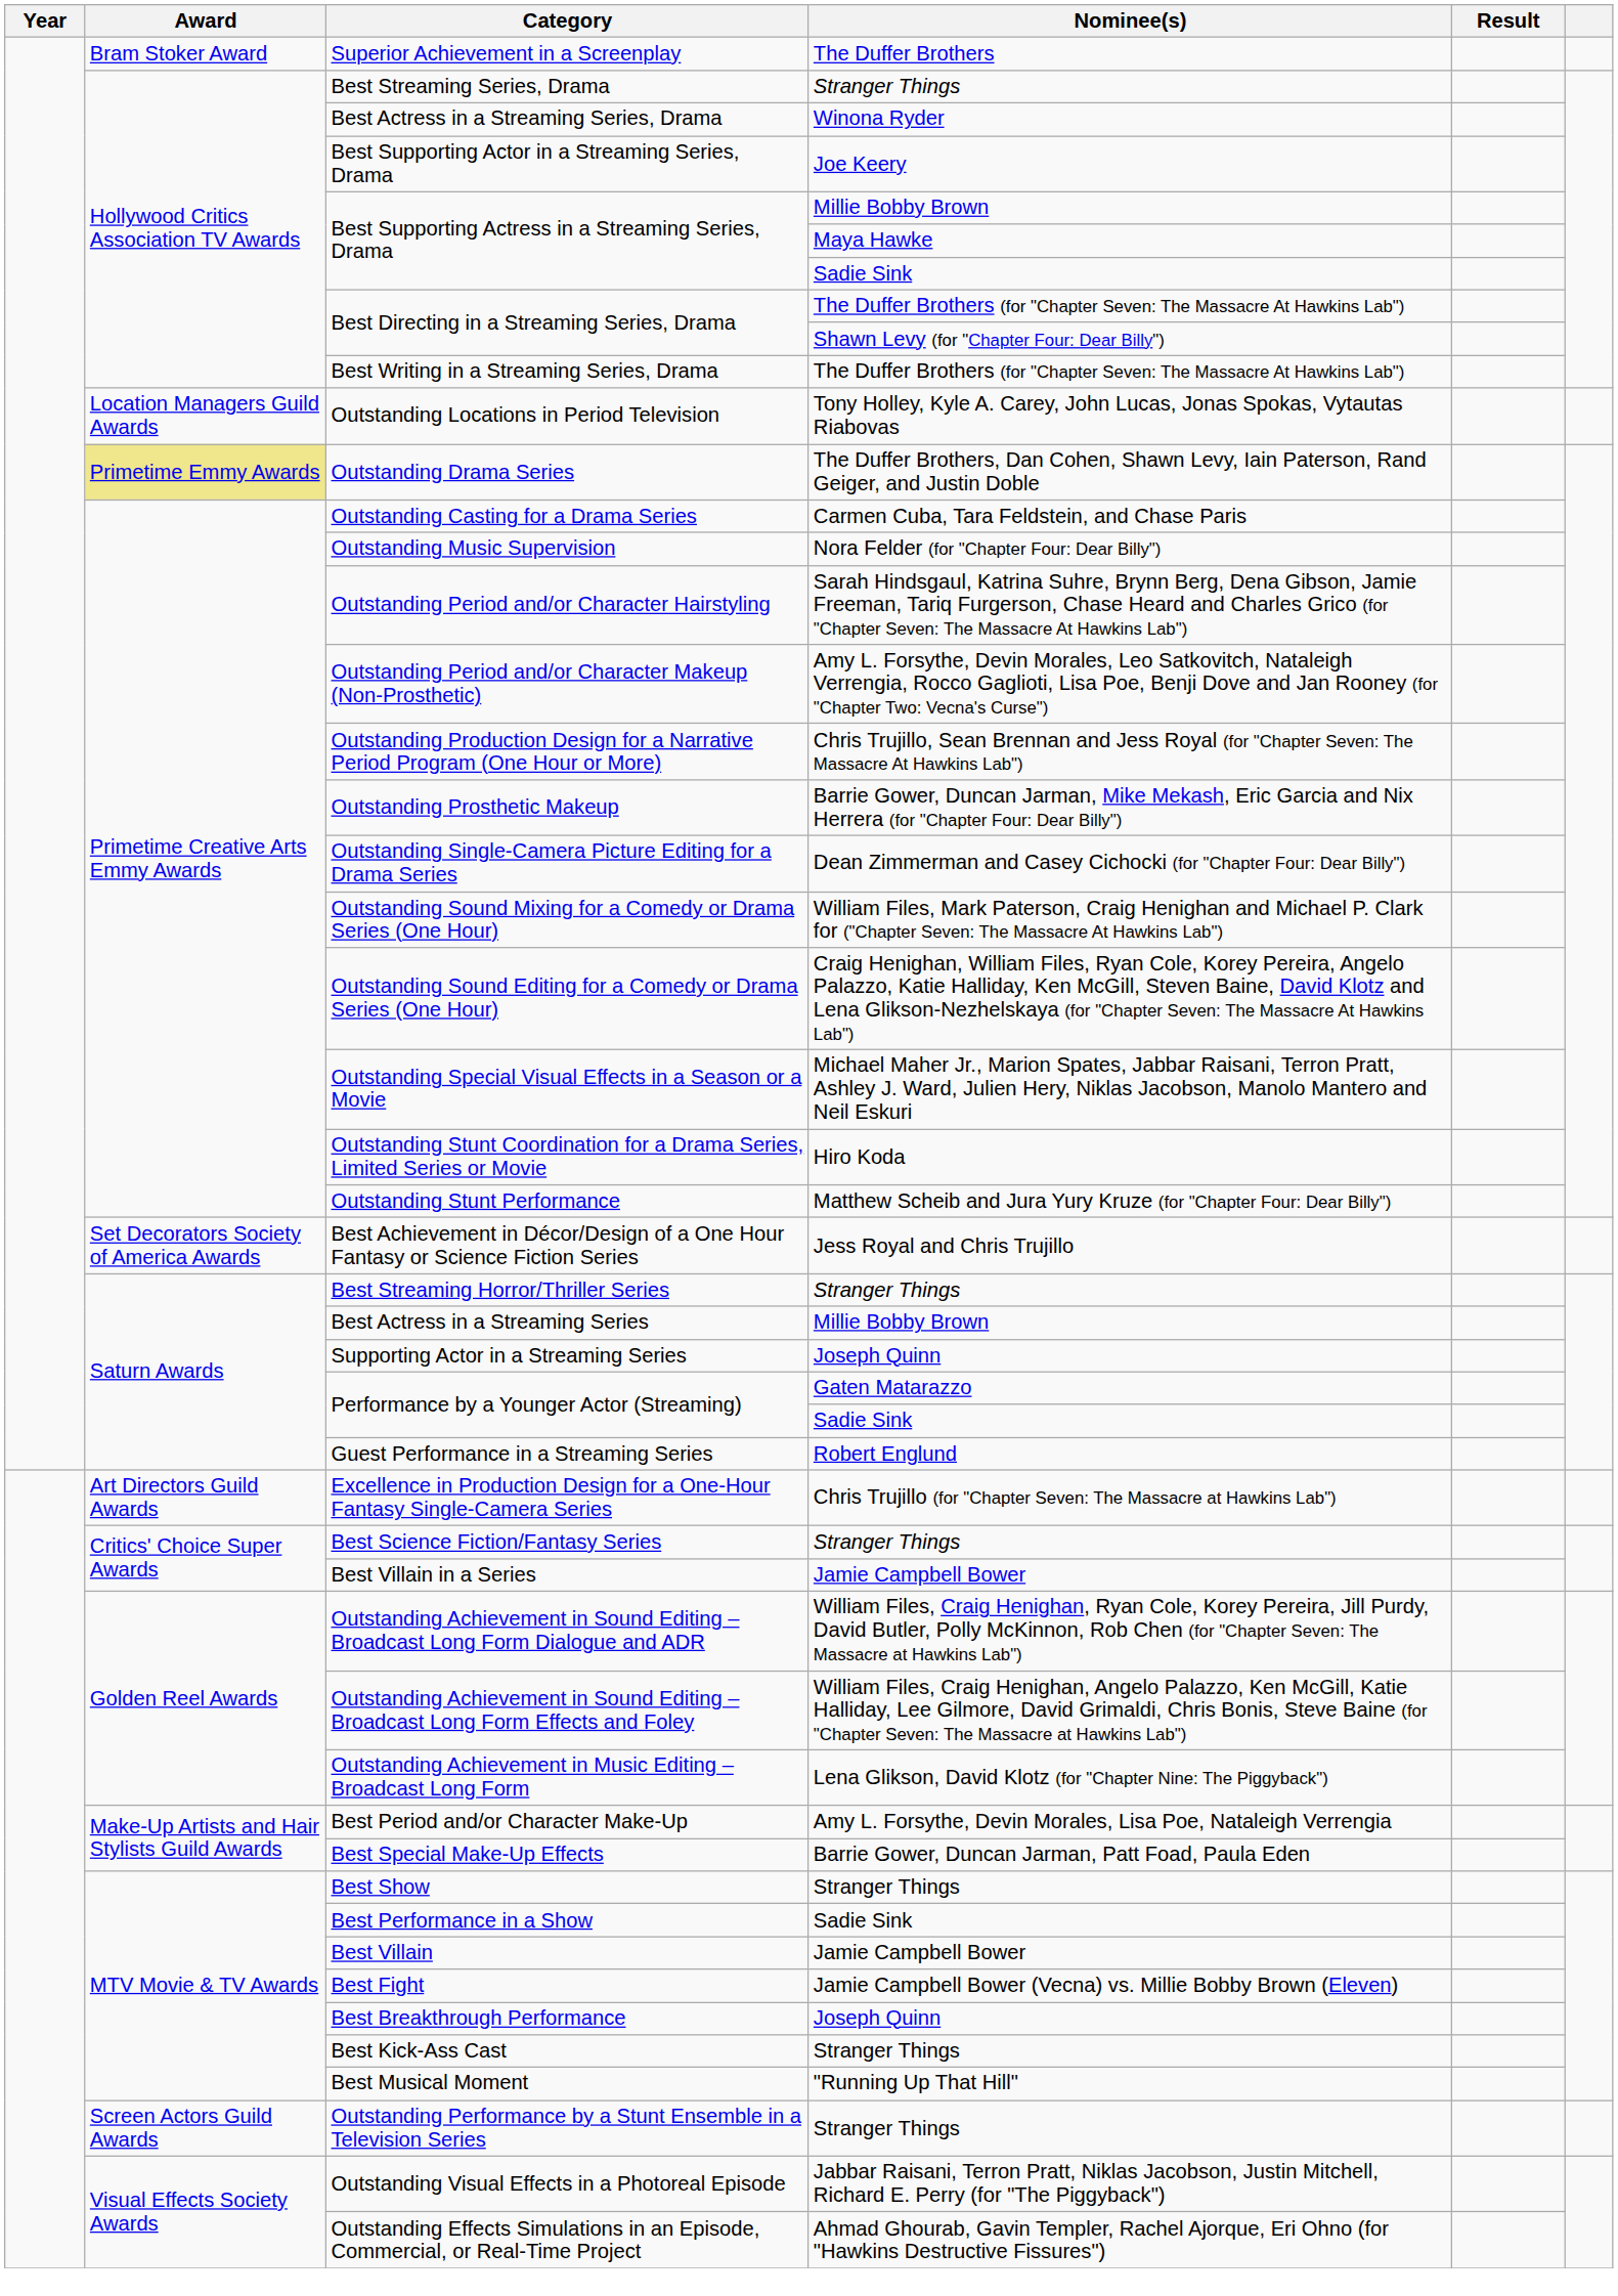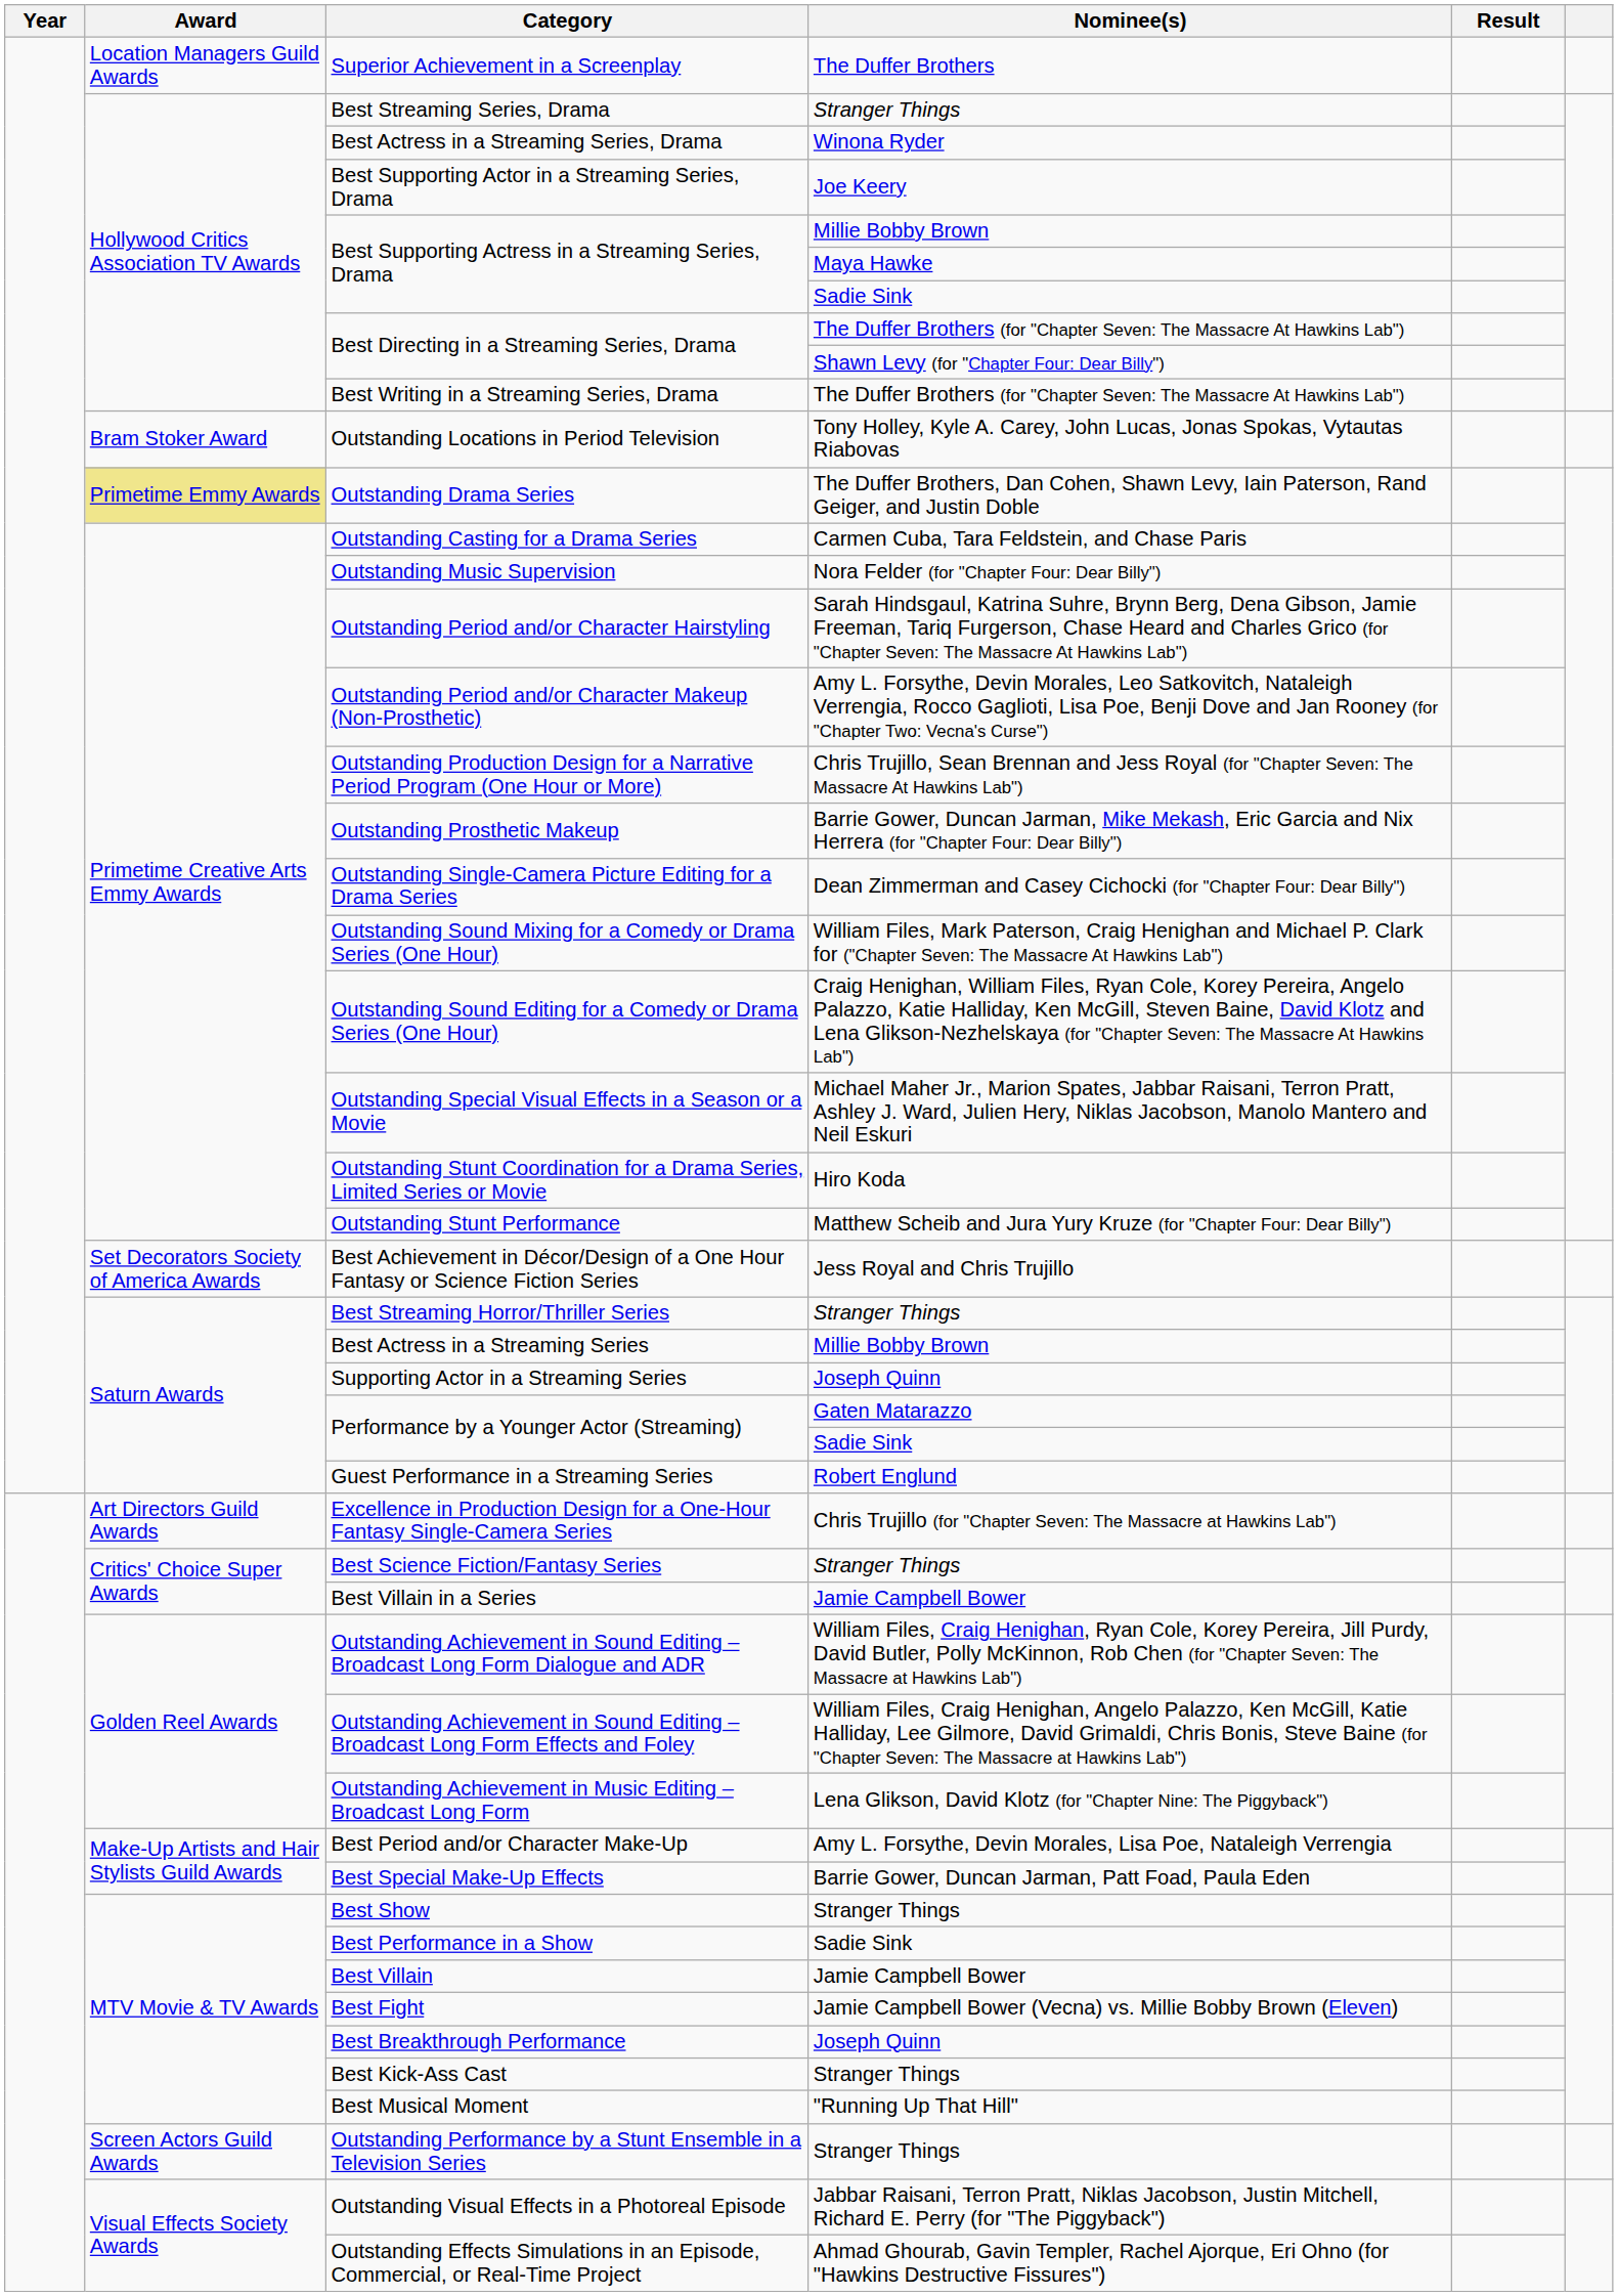 <table class="wikitable plainrowheaders sortable">
 <tr>
 <th scope="col" style="width:5%;">Year</th>
 <th scope="col" style="width:15%;">Award</th>
 <th scope="col" style="width:30%;">Category</th>
 <th scope="col" style="width:40%;">Nominee(s)</th>
 <th scope="col" style="width:7%;">Result</th>
 <th scope="col" style="width:3%;" class="unsortable"></th>
 </tr>
 <tr>
 <td rowspan="31"></td>
-<td><a href='#'>Bram Stoker Award</a></td>
+<td rowspan="1"><a href='#'>Location Managers Guild Awards</a></td>
 <td><a href='#'>Superior Achievement in a Screenplay</a></td>
 <td><a href='#'>The Duffer Brothers</a> </td>
 <td></td>
 <td style="text-align:center;"></td>
 </tr>
 <tr>
 <td rowspan="9"><a href='#'>Hollywood Critics Association TV Awards</a></td>
 <td>Best Streaming Series, Drama</td>
 <td><em>Stranger Things</em></td>
 <td></td>
 <td rowspan="9" style="text-align:center;"></td>
 </tr>
 <tr>
 <td>Best Actress in a Streaming Series, Drama</td>
 <td><a href='#'>Winona Ryder</a></td>
 <td></td>
 </tr>
 <tr>
 <td>Best Supporting Actor in a Streaming Series, Drama</td>
 <td><a href='#'>Joe Keery</a></td>
 <td></td>
 </tr>
 <tr>
 <td rowspan="3">Best Supporting Actress in a Streaming Series, Drama</td>
 <td><a href='#'>Millie Bobby Brown</a></td>
 <td></td>
 </tr>
 <tr>
 <td><a href='#'>Maya Hawke</a></td>
 <td></td>
 </tr>
 <tr>
 <td><a href='#'>Sadie Sink</a></td>
 <td></td>
 </tr>
 <tr>
 <td rowspan="2">Best Directing in a Streaming Series, Drama</td>
 <td><a href='#'>The Duffer Brothers</a> <small>(for "Chapter Seven: The Massacre At Hawkins Lab")</small></td>
 <td></td>
 </tr>
 <tr>
 <td><a href='#'>Shawn Levy</a> <small>(for "<a href='#'>Chapter Four: Dear Billy</a>")</small></td>
 <td></td>
 </tr>
 <tr>
 <td>Best Writing in a Streaming Series, Drama</td>
 <td>The Duffer Brothers <small>(for "Chapter Seven: The Massacre At Hawkins Lab")</small></td>
 <td></td>
 </tr>
 <tr>
-<td rowspan="1"><a href='#'>Location Managers Guild Awards</a></td>
+<td><a href='#'>Bram Stoker Award</a></td>
 <td>Outstanding Locations in Period Television</td>
 <td>Tony Holley, Kyle A. Carey, John Lucas, Jonas Spokas, Vytautas Riabovas</td>
 <td></td>
 <td style="text-align:center;"></td>
 </tr>
 <tr>
 <td style="background: khaki;"><a href='#'>Primetime Emmy Awards</a></td>
 <td><a href='#'>Outstanding Drama Series</a></td>
 <td>The Duffer Brothers, Dan Cohen, Shawn Levy, Iain Paterson, Rand Geiger, and Justin Doble</td>
 <td></td>
 <td rowspan="13" align="center"></td>
 </tr>
 <tr>
 <td rowspan="12"><a href='#'>Primetime Creative Arts Emmy Awards</a></td>
 <td><a href='#'>Outstanding Casting for a Drama Series</a></td>
 <td>Carmen Cuba, Tara Feldstein, and Chase Paris</td>
 <td></td>
 </tr>
 <tr>
 <td><a href='#'>Outstanding Music Supervision</a></td>
 <td>Nora Felder <small>(for "Chapter Four: Dear Billy")</small></td>
 <td></td>
 </tr>
 <tr>
 <td><a href='#'>Outstanding Period and/or Character Hairstyling</a></td>
 <td>Sarah Hindsgaul, Katrina Suhre, Brynn Berg, Dena Gibson, Jamie Freeman, Tariq Furgerson, Chase Heard and Charles Grico <small>(for "Chapter Seven: The Massacre At Hawkins Lab")</small></td>
 <td></td>
 </tr>
 <tr>
 <td><a href='#'>Outstanding Period and/or Character Makeup (Non-Prosthetic)</a></td>
 <td>Amy L. Forsythe, Devin Morales, Leo Satkovitch, Nataleigh Verrengia, Rocco Gaglioti, Lisa Poe, Benji Dove and Jan Rooney <small>(for "Chapter Two: Vecna's Curse")</small></td>
 <td></td>
 </tr>
 <tr>
 <td><a href='#'>Outstanding Production Design for a Narrative Period Program (One Hour or More)</a></td>
 <td>Chris Trujillo, Sean Brennan and Jess Royal <small>(for "Chapter Seven: The Massacre At Hawkins Lab")</small></td>
 <td></td>
 </tr>
 <tr>
 <td><a href='#'>Outstanding Prosthetic Makeup</a></td>
 <td>Barrie Gower, Duncan Jarman, <a href='#'>Mike Mekash</a>, Eric Garcia and Nix Herrera <small>(for "Chapter Four: Dear Billy")</small></td>
 <td></td>
 </tr>
 <tr>
 <td><a href='#'>Outstanding Single-Camera Picture Editing for a Drama Series</a></td>
 <td>Dean Zimmerman and Casey Cichocki <small>(for "Chapter Four: Dear Billy")</small></td>
 <td></td>
 </tr>
 <tr>
 <td><a href='#'>Outstanding Sound Mixing for a Comedy or Drama Series (One Hour)</a></td>
 <td>William Files, Mark Paterson, Craig Henighan and Michael P. Clark for <small>("Chapter Seven: The Massacre At Hawkins Lab")</small></td>
 <td></td>
 </tr>
 <tr>
 <td><a href='#'>Outstanding Sound Editing for a Comedy or Drama Series (One Hour)</a></td>
 <td>Craig Henighan, William Files, Ryan Cole, Korey Pereira, Angelo Palazzo, Katie Halliday, Ken McGill, Steven Baine, <a href='#'>David Klotz</a> and Lena Glikson-Nezhelskaya <small>(for "Chapter Seven: The Massacre At Hawkins Lab")</small></td>
 <td></td>
 </tr>
 <tr>
 <td><a href='#'>Outstanding Special Visual Effects in a Season or a Movie</a></td>
 <td>Michael Maher Jr., Marion Spates, Jabbar Raisani, Terron Pratt, Ashley J. Ward, Julien Hery, Niklas Jacobson, Manolo Mantero and Neil Eskuri</td>
 <td></td>
 </tr>
 <tr>
 <td><a href='#'>Outstanding Stunt Coordination for a Drama Series, Limited Series or Movie</a></td>
 <td>Hiro Koda</td>
 <td></td>
 </tr>
 <tr>
 <td><a href='#'>Outstanding Stunt Performance</a></td>
 <td>Matthew Scheib and Jura Yury Kruze <small>(for "Chapter Four: Dear Billy")</small></td>
 <td></td>
 </tr>
 <tr>
 <td><a href='#'>Set Decorators Society of America Awards</a></td>
 <td>Best Achievement in Décor/Design of a One Hour Fantasy or Science Fiction Series</td>
 <td>Jess Royal and Chris Trujillo</td>
 <td></td>
 <td style="text-align:center;"></td>
 </tr>
 <tr>
 <td rowspan="6"><a href='#'>Saturn Awards</a></td>
 <td><a href='#'>Best Streaming Horror/Thriller Series</a></td>
 <td><em>Stranger Things</em></td>
 <td></td>
 <td style="text-align:center;" rowspan="6"></td>
 </tr>
 <tr>
 <td>Best Actress in a Streaming Series</td>
 <td><a href='#'>Millie Bobby Brown</a></td>
 <td></td>
 </tr>
 <tr>
 <td>Supporting Actor in a Streaming Series</td>
 <td><a href='#'>Joseph Quinn</a></td>
 <td></td>
 </tr>
 <tr>
 <td rowspan="2">Performance by a Younger Actor (Streaming)</td>
 <td><a href='#'>Gaten Matarazzo</a></td>
 <td></td>
 </tr>
 <tr>
 <td><a href='#'>Sadie Sink</a></td>
 <td></td>
 </tr>
 <tr>
 <td>Guest Performance in a Streaming Series</td>
 <td><a href='#'>Robert Englund</a></td>
 <td></td>
 </tr>
 <tr>
 <td rowspan="18"></td>
 <td><a href='#'>Art Directors Guild Awards</a></td>
 <td><a href='#'>Excellence in Production Design for a One-Hour Fantasy Single-Camera Series</a></td>
 <td>Chris Trujillo <small>(for "Chapter Seven: The Massacre at Hawkins Lab")</small></td>
 <td></td>
 <td align="center"></td>
 </tr>
 <tr>
 <td rowspan="2"><a href='#'>Critics' Choice Super Awards</a></td>
 <td><a href='#'>Best Science Fiction/Fantasy Series</a></td>
 <td><em>Stranger Things</em></td>
 <td></td>
 <td rowspan="2" align="center"><em></td>
 </tr>
 <tr>
 <td>Best Villain in a Series</td>
 <td><a href='#'>Jamie Campbell Bower</a></td>
 <td></td>
 </tr>
 <tr>
 <td rowspan="3"><a href='#'>Golden Reel Awards</a></td>
 <td><a href='#'>Outstanding Achievement in Sound Editing – Broadcast Long Form Dialogue and ADR</a></td>
 <td>William Files, <a href='#'>Craig Henighan</a>, Ryan Cole, Korey Pereira, Jill Purdy, David Butler, Polly McKinnon, Rob Chen <small>(for "Chapter Seven: The Massacre at Hawkins Lab")</small></td>
 <td></td>
 <td align="center" rowspan="3"></td>
 </tr>
 <tr>
 <td><a href='#'>Outstanding Achievement in Sound Editing – Broadcast Long Form Effects and Foley</a></td>
 <td>William Files, Craig Henighan, Angelo Palazzo, Ken McGill, Katie Halliday, Lee Gilmore, David Grimaldi, Chris Bonis, Steve Baine <small>(for "Chapter Seven: The Massacre at Hawkins Lab")</small></td>
 <td></td>
 </tr>
 <tr>
 <td><a href='#'>Outstanding Achievement in Music Editing – Broadcast Long Form</a></td>
 <td>Lena Glikson, David Klotz <small>(for "Chapter Nine: The Piggyback")</small></td>
 <td></td>
 </tr>
 <tr>
 <td rowspan="2"><a href='#'>Make-Up Artists and Hair Stylists Guild Awards</a></td>
 <td>Best Period and/or Character Make-Up</td>
 <td>Amy L. Forsythe, Devin Morales, Lisa Poe, Nataleigh Verrengia</td>
 <td></td>
 <td rowspan="2" align="center"></td>
 </tr>
 <tr>
 <td><a href='#'>Best Special Make-Up Effects</a></td>
 <td>Barrie Gower, Duncan Jarman, Patt Foad, Paula Eden</td>
 <td></td>
 </tr>
 <tr>
 <td rowspan=7><a href='#'>MTV Movie & TV Awards</a></td>
 <td><a href='#'>Best Show</a></td>
 <td></em>Stranger Things<em></td>
 <td></td>
 <td align="center" rowspan=7></td>
 </tr>
 <tr>
 <td><a href='#'>Best Performance in a Show</a></td>
 <td>Sadie Sink</td>
 <td></td>
 </tr>
 <tr>
 <td><a href='#'>Best Villain</a></td>
 <td>Jamie Campbell Bower</td>
 <td></td>
 </tr>
 <tr>
 <td><a href='#'>Best Fight</a></td>
 <td>Jamie Campbell Bower (Vecna) vs. Millie Bobby Brown (<a href='#'>Eleven</a>)</td>
 <td></td>
 </tr>
 <tr>
 <td><a href='#'>Best Breakthrough Performance</a></td>
 <td><a href='#'>Joseph Quinn</a></td>
 <td></td>
 </tr>
 <tr>
 <td>Best Kick-Ass Cast</td>
 <td></em>Stranger Things<em></td>
 <td></td>
 </tr>
 <tr>
 <td>Best Musical Moment</td>
 <td>"Running Up That Hill"</td>
 <td></td>
 </tr>
 <tr>
 <td><a href='#'>Screen Actors Guild Awards</a></td>
 <td><a href='#'>Outstanding Performance by a Stunt Ensemble in a Television Series</a></td>
 <td></em>Stranger Things<em></td>
 <td></td>
 <td align="center"></td>
 </tr>
 <tr>
 <td rowspan="2"><a href='#'>Visual Effects Society Awards</a></td>
 <td>Outstanding Visual Effects in a Photoreal Episode</td>
 <td>Jabbar Raisani, Terron Pratt, Niklas Jacobson, Justin Mitchell, Richard E. Perry (for "The Piggyback")</td>
 <td></td>
 <td align="center" rowspan="2"></td>
 </tr>
 <tr>
 <td>Outstanding Effects Simulations in an Episode, Commercial, or Real-Time Project</td>
 <td>Ahmad Ghourab, Gavin Templer, Rachel Ajorque, Eri Ohno (for "Hawkins Destructive Fissures")</td>
 <td></td>
 </tr>
 </table>
